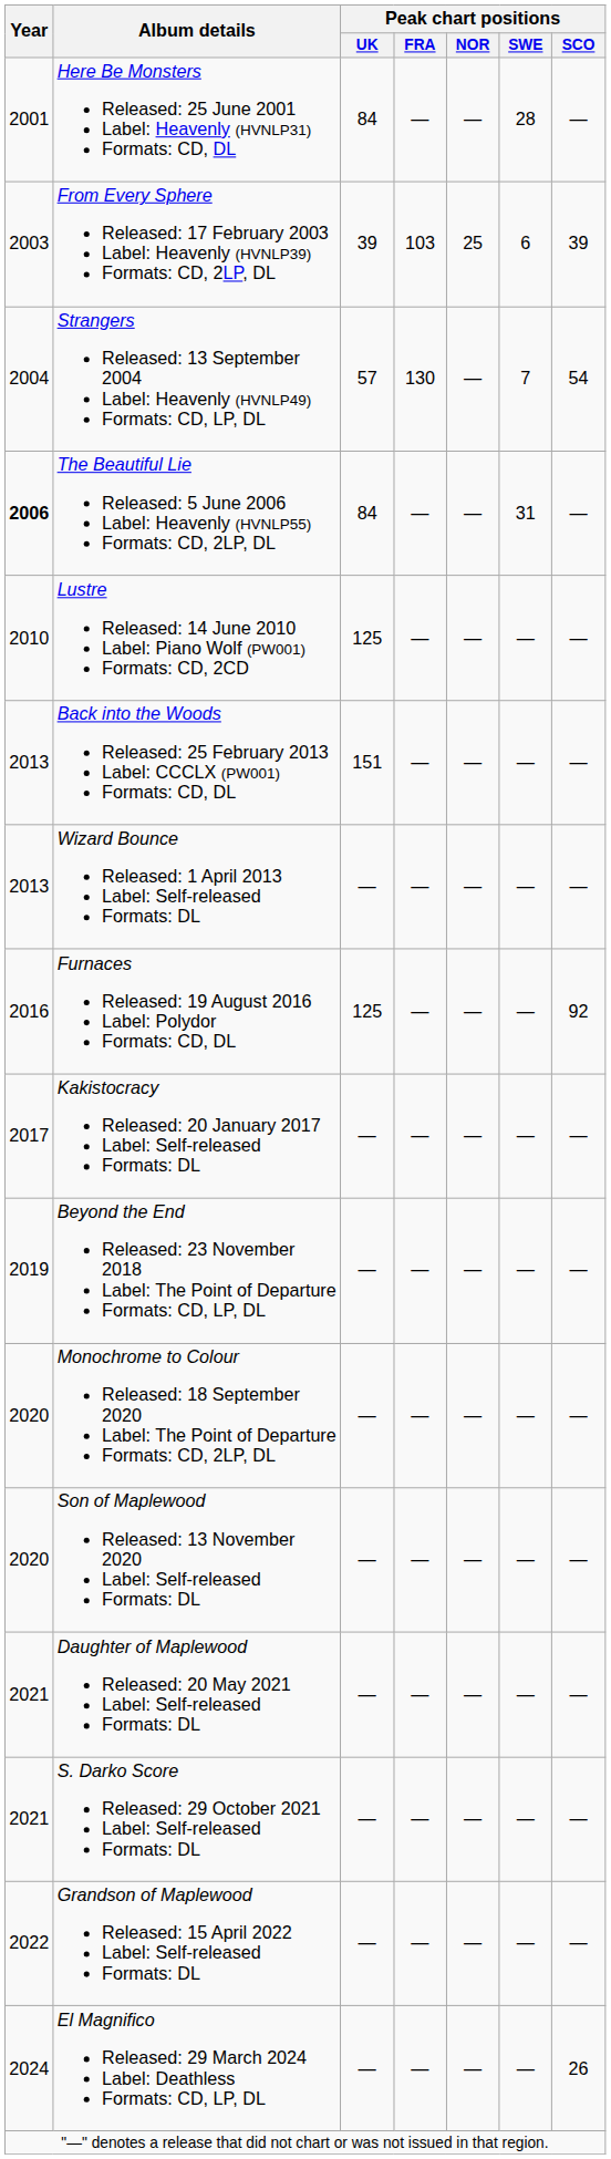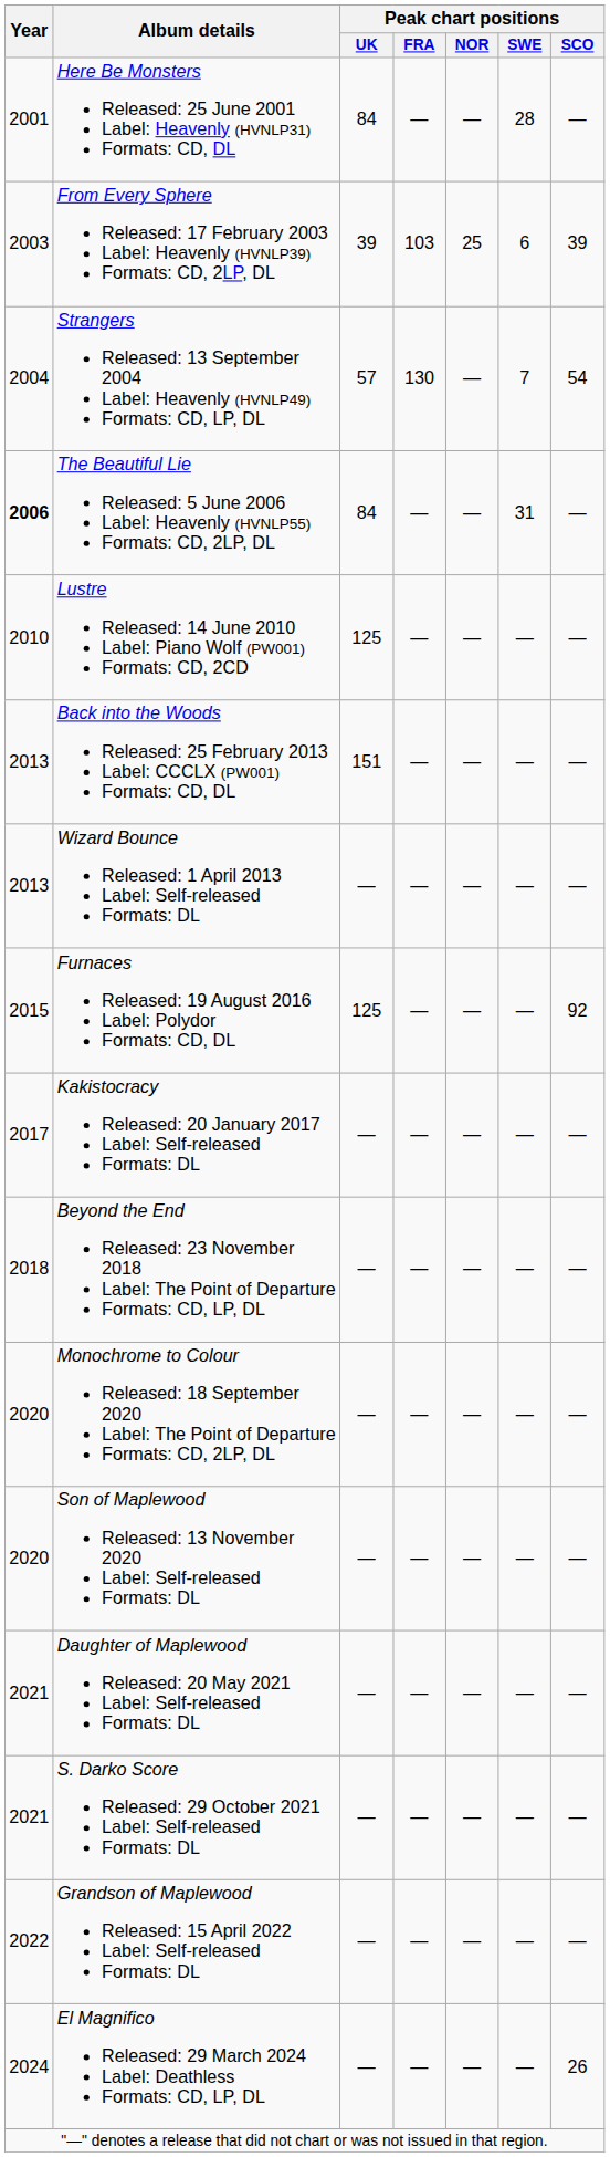 <table class="wikitable" border="1">
 <tr>
 <th rowspan="2">Year</th>
 <th rowspan="2" width="250">Album details</th>
 <th colspan="7">Peak chart positions</th>
 </tr>
 <tr>
 <th style="width:3em;font-size:85%"><a href='#'>UK</a><br></th>
 <th style="width:3em;font-size:85%"><a href='#'>FRA</a><br></th>
 <th style="width:3em;font-size:85%"><a href='#'>NOR</a><br></th>
 <th style="width:3em;font-size:85%"><a href='#'>SWE</a><br></th>
 <th style="width:3em;font-size:85%"><a href='#'>SCO</a><br></th>
 </tr>
 <tr>
 <td>2001</td>
 <td><em><a href='#'>Here Be Monsters</a></em><br><ul><li>Released: 25 June 2001</li><li>Label: <a href='#'>Heavenly</a> <small>(HVNLP31)</small></li><li>Formats: CD, <a href='#'>DL</a></li></ul></td>
 <td align="center">84</td>
 <td align="center">—</td>
 <td align="center">—</td>
 <td align="center">28</td>
 <td align="center">—</td>
 </tr>
 <tr>
 <td>2003</td>
 <td><em><a href='#'>From Every Sphere</a></em><br><ul><li>Released: 17 February 2003</li><li>Label: Heavenly <small>(HVNLP39)</small></li><li>Formats: CD, 2<a href='#'>LP</a>, DL</li></ul></td>
 <td align="center">39</td>
 <td align="center">103</td>
 <td align="center">25</td>
 <td align="center">6</td>
 <td align="center">39</td>
 </tr>
 <tr>
 <td>2004</td>
 <td><em><a href='#'>Strangers</a></em><br><ul><li>Released: 13 September 2004</li><li>Label: Heavenly <small>(HVNLP49)</small></li><li>Formats: CD, LP, DL</li></ul></td>
 <td align="center">57</td>
 <td align="center">130</td>
 <td align="center">—</td>
 <td align="center">7</td>
 <td align="center">54</td>
 </tr>
 <tr>
 <td><strong>2006</strong></td>
 <td><em><a href='#'>The Beautiful Lie</a></em><br><ul><li>Released: 5 June 2006</li><li>Label: Heavenly <small>(HVNLP55)</small></li><li>Formats: CD, 2LP, DL</li></ul></td>
 <td align="center">84</td>
 <td align="center">—</td>
 <td align="center">—</td>
 <td align="center">31</td>
 <td align="center">—</td>
 </tr>
 <tr>
 <td>2010</td>
 <td><em><a href='#'>Lustre</a></em><br><ul><li>Released: 14 June 2010</li><li>Label: Piano Wolf <small>(PW001)</small></li><li>Formats: CD, 2CD</li></ul></td>
 <td align="center">125</td>
 <td align="center">—</td>
 <td align="center">—</td>
 <td align="center">—</td>
 <td align="center">—</td>
 </tr>
 <tr>
 <td>2013</td>
 <td><em><a href='#'>Back into the Woods</a></em><br><ul><li>Released: 25 February 2013</li><li>Label: CCCLX <small>(PW001)</small></li><li>Formats: CD, DL</li></ul></td>
 <td align="center">151</td>
 <td align="center">—</td>
 <td align="center">—</td>
 <td align="center">—</td>
 <td align="center">—</td>
 </tr>
 <tr>
 <td>2013</td>
 <td><em>Wizard Bounce</em><br><ul><li>Released: 1 April 2013</li><li>Label: Self-released</li><li>Formats: DL</li></ul></td>
 <td align="center">—</td>
 <td align="center">—</td>
 <td align="center">—</td>
 <td align="center">—</td>
 <td align="center">—</td>
 </tr>
 <tr>
-<td>2016</td>
+<td>2015</td>
 <td><em>Furnaces</em><br><ul><li>Released: 19 August 2016</li><li>Label: Polydor</li><li>Formats: CD, DL</li></ul></td>
 <td align="center">125</td>
 <td align="center">—</td>
 <td align="center">—</td>
 <td align="center">—</td>
 <td align="center">92</td>
 </tr>
 <tr>
 <td>2017</td>
 <td><em>Kakistocracy</em><br><ul><li>Released: 20 January 2017</li><li>Label: Self-released</li><li>Formats: DL</li></ul></td>
 <td align="center">—</td>
 <td align="center">—</td>
 <td align="center">—</td>
 <td align="center">—</td>
 <td align="center">—</td>
 </tr>
 <tr>
-<td>2019</td>
+<td>2018</td>
 <td><em>Beyond the End</em><br><ul><li>Released: 23 November 2018</li><li>Label: The Point of Departure</li><li>Formats: CD, LP, DL</li></ul></td>
 <td style="text-align:center;">—</td>
 <td align="center">—</td>
 <td align="center">—</td>
 <td align="center">—</td>
 <td align="center">—</td>
 </tr>
 <tr>
 <td>2020</td>
 <td><em>Monochrome to Colour</em><br><ul><li>Released: 18 September 2020</li><li>Label: The Point of Departure</li><li>Formats: CD, 2LP, DL</li></ul></td>
 <td align="center">—</td>
 <td align="center">—</td>
 <td align="center">—</td>
 <td align="center">—</td>
 <td align="center">—</td>
 </tr>
 <tr>
 <td>2020</td>
 <td><em>Son of Maplewood</em><br><ul><li>Released: 13 November 2020</li><li>Label: Self-released</li><li>Formats: DL</li></ul></td>
 <td align="center">—</td>
 <td align="center">—</td>
 <td align="center">—</td>
 <td align="center">—</td>
 <td align="center">—</td>
 </tr>
 <tr>
 <td>2021</td>
 <td><em>Daughter of Maplewood</em><br><ul><li>Released: 20 May 2021</li><li>Label: Self-released</li><li>Formats: DL</li></ul></td>
 <td align="center">—</td>
 <td align="center">—</td>
 <td align="center">—</td>
 <td align="center">—</td>
 <td align="center">—</td>
 </tr>
 <tr>
 <td>2021</td>
 <td><em>S. Darko Score</em><br><ul><li>Released: 29 October 2021</li><li>Label: Self-released</li><li>Formats: DL</li></ul></td>
 <td align="center">—</td>
 <td align="center">—</td>
 <td align="center">—</td>
 <td align="center">—</td>
 <td align="center">—</td>
 </tr>
 <tr>
 <td>2022</td>
 <td><em>Grandson of Maplewood</em><br><ul><li>Released: 15 April 2022</li><li>Label: Self-released</li><li>Formats: DL</li></ul></td>
 <td align="center">—</td>
 <td align="center">—</td>
 <td align="center">—</td>
 <td align="center">—</td>
 <td align="center">—</td>
 </tr>
 <tr>
 <td>2024</td>
 <td><em>El Magnifico</em><br><ul><li>Released: 29 March 2024</li><li>Label: Deathless</li><li>Formats: CD, LP, DL</li></ul></td>
 <td style="text-align:center;">—</td>
 <td align="center">—</td>
 <td align="center">—</td>
 <td align="center">—</td>
 <td align="center">26</td>
 </tr>
 <tr>
 <td align="center" colspan="7" style="font-size: 85%">"—" denotes a release that did not chart or was not issued in that region.</td>
 </tr>
 </table>
